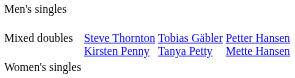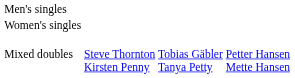 <table>
 <tr>
 <td>Men's singles<br></td>
+<td></td>
+<td></td>
+<td></td>
+</tr>
+<tr>
+<td>Women's singles<br></td>
 <td></td>
 <td></td>
 <td></td>
 </tr>
 <tr>
 <td>Mixed doubles<br></td>
 <td><br><a href='#'>Steve Thornton</a><br><a href='#'>Kirsten Penny</a></td>
 <td><br><a href='#'>Tobias Gäbler</a><br><a href='#'>Tanya Petty</a></td>
 <td><br><a href='#'>Petter Hansen</a><br><a href='#'>Mette Hansen</a></td>
 </tr>
-<tr>
-<td>Women's singles<br></td>
-<td></td>
-<td></td>
-<td></td>
-</tr>
 </table>
